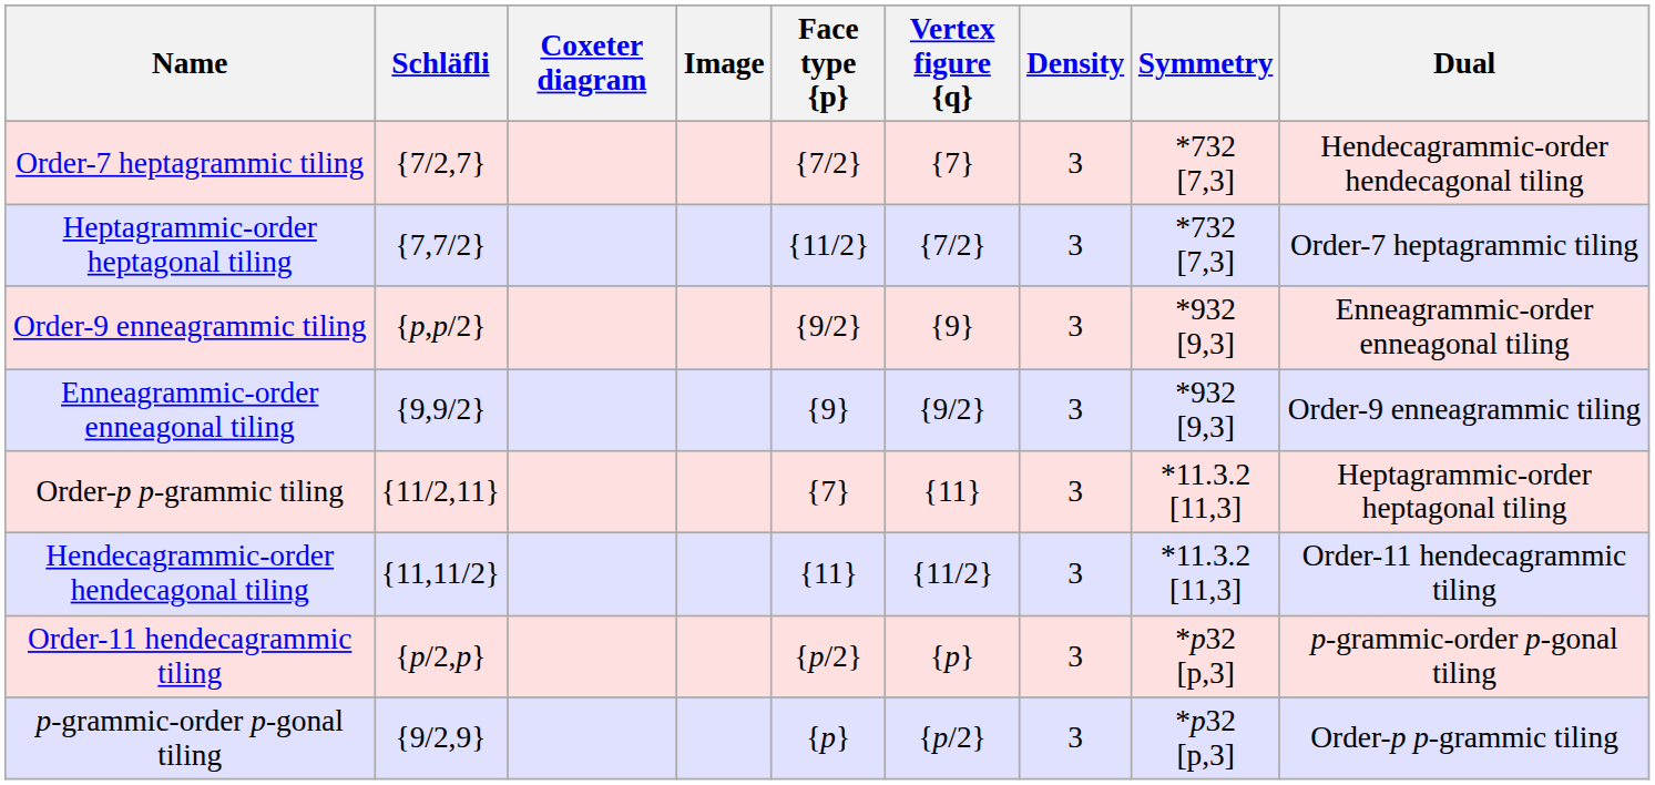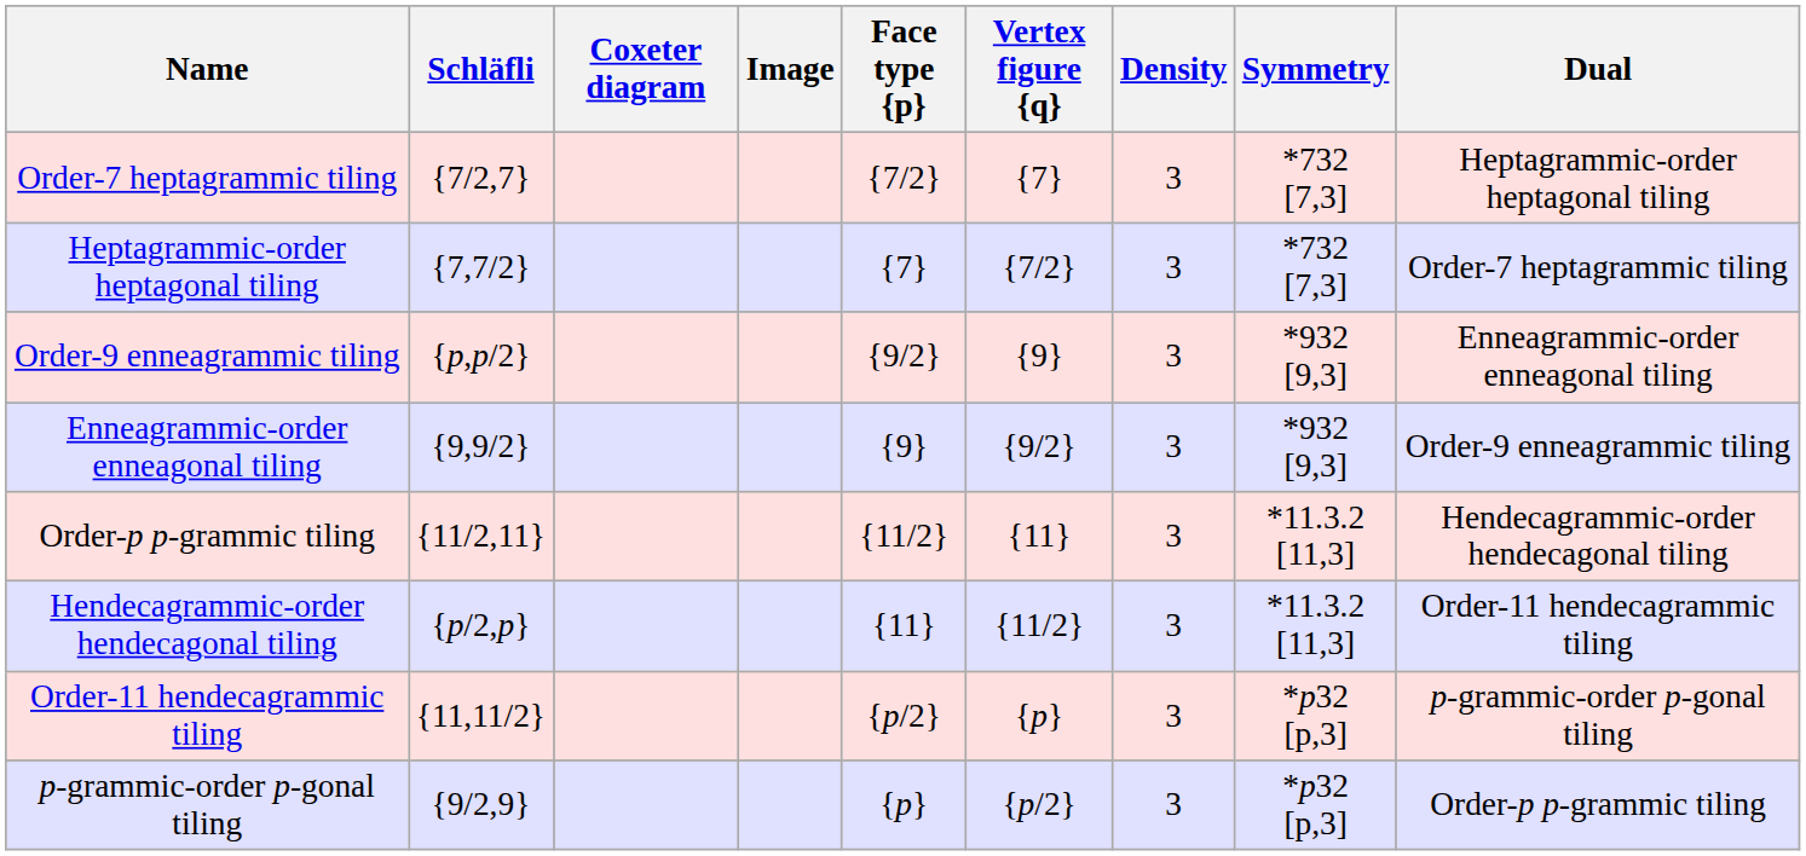 <table class="wikitable" style="text-align:center;">
 <tr>
 <th>Name</th>
 <th><a href='#'>Schläfli</a></th>
 <th><a href='#'>Coxeter diagram</a></th>
 <th>Image</th>
 <th>Face type<br>{p}</th>
 <th><a href='#'>Vertex figure</a><br>{q}</th>
 <th><a href='#'>Density</a></th>
 <th><a href='#'>Symmetry</a></th>
 <th>Dual</th>
 </tr>
 <tr BGCOLOR="#ffe0e0" align=center>
 <td><a href='#'>Order-7 heptagrammic tiling</a></td>
 <td>{7/2,7}</td>
 <td></td>
 <td></td>
 <td>{7/2}<br></td>
 <td>{7}<br></td>
 <td>3</td>
 <td>*732<br>[7,3]</td>
-<td>Hendecagrammic-order hendecagonal tiling</td>
+<td>Heptagrammic-order heptagonal tiling</td>
 </tr>
 <tr BGCOLOR="#e0e0ff" align=center>
 <td><a href='#'>Heptagrammic-order heptagonal tiling</a></td>
 <td>{7,7/2}</td>
 <td></td>
 <td></td>
-<td>{11/2}<br></td>
+<td>{7}<br></td>
 <td>{7/2}<br></td>
 <td>3</td>
 <td>*732<br>[7,3]</td>
 <td>Order-7 heptagrammic tiling</td>
 </tr>
 <tr BGCOLOR="#ffe0e0" align=center>
 <td><a href='#'>Order-9 enneagrammic tiling</a></td>
 <td>{<em>p</em>,<em>p</em>/2}</td>
 <td></td>
 <td></td>
 <td>{9/2}<br></td>
 <td>{9}<br></td>
 <td>3</td>
 <td>*932<br>[9,3]</td>
 <td>Enneagrammic-order enneagonal tiling</td>
 </tr>
 <tr BGCOLOR="#e0e0ff" align=center>
 <td><a href='#'>Enneagrammic-order enneagonal tiling</a></td>
 <td>{9,9/2}</td>
 <td></td>
 <td></td>
 <td>{9}<br></td>
 <td>{9/2}<br></td>
 <td>3</td>
 <td>*932<br>[9,3]</td>
 <td>Order-9 enneagrammic tiling</td>
 </tr>
 <tr BGCOLOR="#ffe0e0" align=center>
 <td>Order-<em>p</em> <em>p</em>-grammic tiling</td>
 <td>{11/2,11}</td>
 <td></td>
 <td></td>
-<td>{7}<br></td>
+<td>{11/2}<br></td>
 <td>{11}<br></td>
 <td>3</td>
 <td>*11.3.2<br>[11,3]</td>
-<td>Heptagrammic-order heptagonal tiling</td>
+<td>Hendecagrammic-order hendecagonal tiling</td>
 </tr>
 <tr BGCOLOR="#e0e0ff" align=center>
 <td><a href='#'>Hendecagrammic-order hendecagonal tiling</a></td>
-<td>{11,11/2}</td>
+<td>{<em>p</em>/2,<em>p</em>}</td>
 <td></td>
 <td></td>
 <td>{11}<br></td>
 <td>{11/2}<br></td>
 <td>3</td>
 <td>*11.3.2<br>[11,3]</td>
 <td>Order-11 hendecagrammic tiling</td>
 </tr>
 <tr BGCOLOR="#ffe0e0" align=center>
 <td><a href='#'>Order-11 hendecagrammic tiling</a></td>
-<td>{<em>p</em>/2,<em>p</em>}</td>
+<td>{11,11/2}</td>
 <td></td>
 <td> </td>
 <td>{<em>p</em>/2}</td>
 <td>{<em>p</em>}</td>
 <td>3</td>
 <td>*<em>p</em>32<br>[p,3]</td>
 <td><em>p</em>-grammic-order <em>p</em>-gonal tiling</td>
 </tr>
 <tr BGCOLOR="#e0e0ff" align=center>
 <td><em>p</em>-grammic-order <em>p</em>-gonal tiling</td>
 <td>{9/2,9}</td>
 <td></td>
 <td> </td>
 <td>{<em>p</em>}</td>
 <td>{<em>p</em>/2}</td>
 <td>3</td>
 <td>*<em>p</em>32<br>[p,3]</td>
 <td>Order-<em>p</em> <em>p</em>-grammic tiling</td>
 </tr>
 </table>
